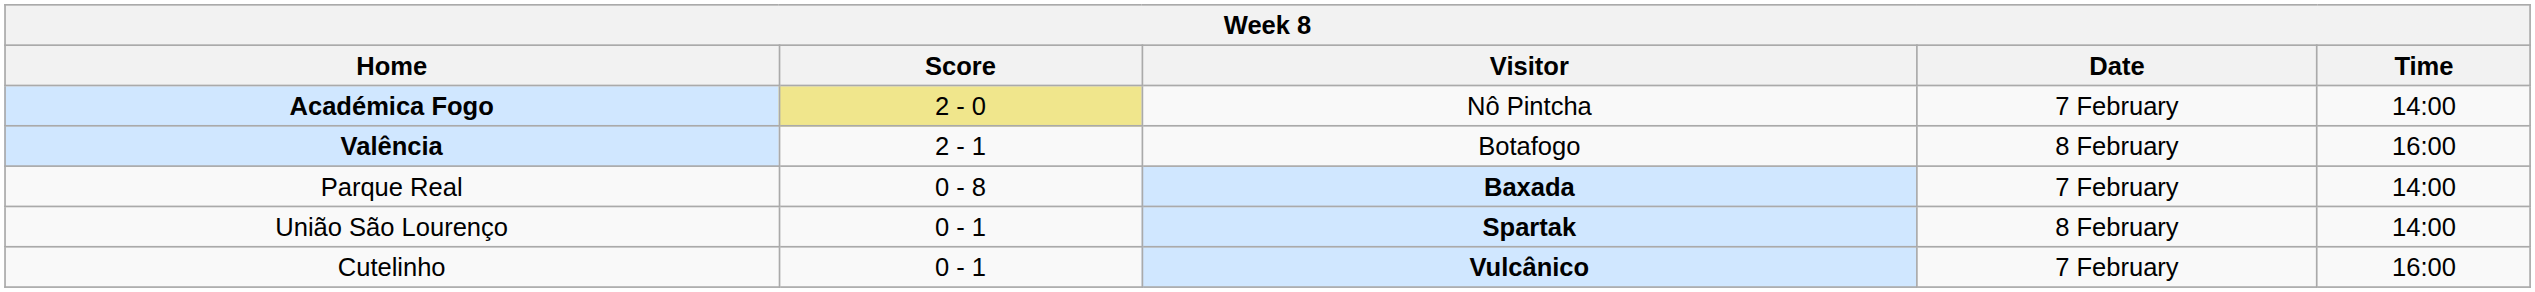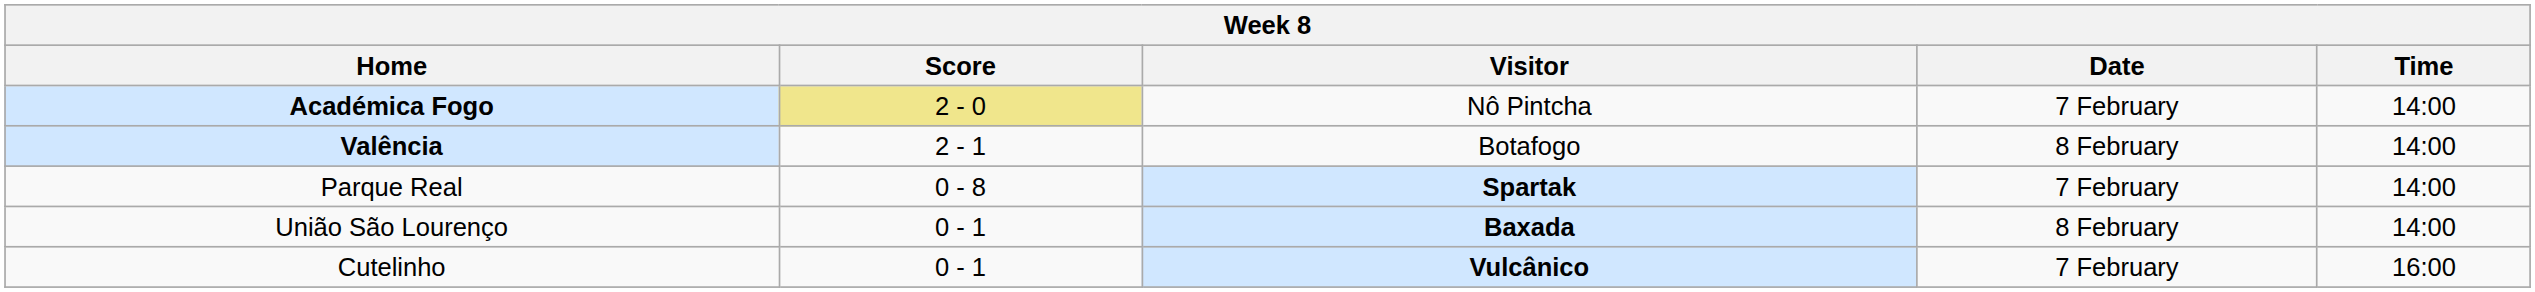 <table class="wikitable" style="margin:1em auto; font-size:95%; text-align: center; width: 95%;">
 <tr>
 <th colspan="12"  style="with:100%;">Week 8</th>
 </tr>
 <tr>
 <th style="width:200px;">Home</th>
 <th width="90">Score</th>
 <th style="width:200px;">Visitor</th>
 <th style="width:100px;">Date</th>
 <th style="width:50px;">Time</th>
 </tr>
 <tr>
 <td bgcolor=#D0E7FF><strong>Académica Fogo</strong></td>
 <td style="background: khaki;">2 - 0</td>
 <td>Nô Pintcha</td>
 <td>7 February</td>
 <td>14:00</td>
 </tr>
 <tr>
 <td bgcolor=#D0E7FF><strong>Valência</strong></td>
 <td>2 - 1</td>
 <td>Botafogo</td>
 <td>8 February</td>
-<td>16:00</td>
+<td>14:00</td>
 </tr>
 <tr>
 <td>Parque Real</td>
 <td>0 - 8</td>
-<td bgcolor=#D0E7FF><strong>Baxada</strong></td>
+<td bgcolor=#D0E7FF><strong>Spartak</strong></td>
 <td>7 February</td>
 <td>14:00</td>
 </tr>
 <tr>
 <td>União São Lourenço</td>
 <td>0 - 1</td>
-<td bgcolor=#D0E7FF><strong>Spartak</strong></td>
+<td bgcolor=#D0E7FF><strong>Baxada</strong></td>
 <td>8 February</td>
 <td>14:00</td>
 </tr>
 <tr>
 <td>Cutelinho</td>
 <td>0 - 1</td>
 <td bgcolor=#D0E7FF><strong>Vulcânico</strong></td>
 <td>7 February</td>
 <td>16:00</td>
 </tr>
 </table>
